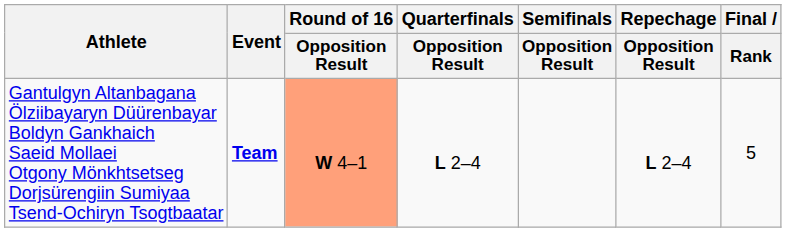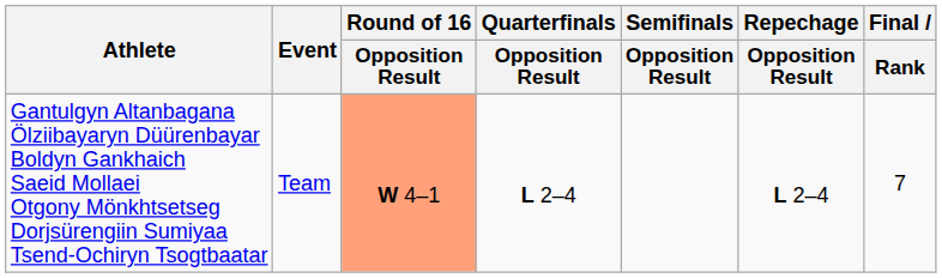 <table class="wikitable" style="font-size:90%">
 <tr>
 <th rowspan="2">Athlete</th>
 <th rowspan="2">Event</th>
 <th>Round of 16</th>
 <th>Quarterfinals</th>
 <th>Semifinals</th>
 <th>Repechage</th>
 <th>Final / </th>
 </tr>
 <tr style="font-size:95%">
 <th>Opposition<br>Result</th>
 <th>Opposition<br>Result</th>
 <th>Opposition<br>Result</th>
 <th>Opposition<br>Result</th>
 <th>Rank</th>
 </tr>
 <tr align=center>
 <td align=left><a href='#'>Gantulgyn Altanbagana</a><br><a href='#'>Ölziibayaryn Düürenbayar</a><br><a href='#'>Boldyn Gankhaich</a><br><a href='#'>Saeid Mollaei</a><br><a href='#'>Otgony Mönkhtsetseg</a><br><a href='#'>Dorjsürengiin Sumiyaa</a><br><a href='#'>Tsend-Ochiryn Tsogtbaatar</a></td>
-<td align=left><strong><a href='#'>Team</a></strong></td>
+<td align=left><a href='#'>Team</a></td>
 <td style="background: lightsalmon;"><br><strong>W</strong> 4–1</td>
 <td><br><strong>L</strong> 2–4</td>
 <td></td>
 <td><br><strong>L</strong> 2–4</td>
-<td>5</td>
+<td>7</td>
 </tr>
 </table>
